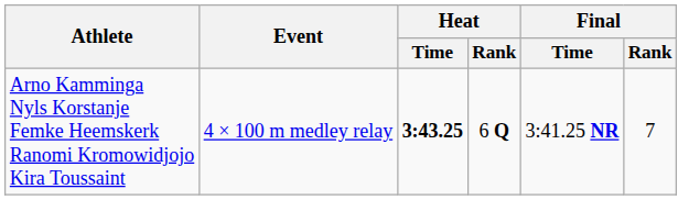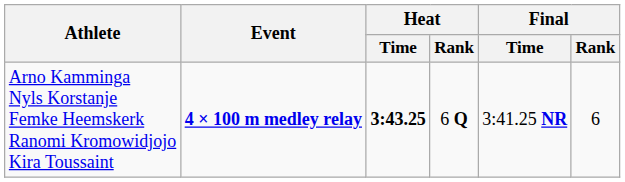 <table class=wikitable style="font-size:90%">
 <tr>
 <th rowspan="2">Athlete</th>
 <th rowspan="2">Event</th>
 <th colspan="2">Heat</th>
 <th colspan="2">Final</th>
 </tr>
 <tr style="font-size:95%">
 <th>Time</th>
 <th>Rank</th>
 <th>Time</th>
 <th>Rank</th>
 </tr>
 <tr align=center>
 <td align=left><a href='#'>Arno Kamminga</a><br><a href='#'>Nyls Korstanje</a><br><a href='#'>Femke Heemskerk</a><br><a href='#'>Ranomi Kromowidjojo</a><br><a href='#'>Kira Toussaint</a></td>
-<td align=left><a href='#'>4 × 100 m medley relay</a></td>
+<td align=left><strong><a href='#'>4 × 100 m medley relay</a></strong></td>
 <td><strong>3:43.25</strong></td>
 <td>6 <strong>Q</strong></td>
 <td>3:41.25 <strong><a href='#'>NR</a></strong></td>
-<td>7</td>
+<td>6</td>
 </tr>
 </table>
